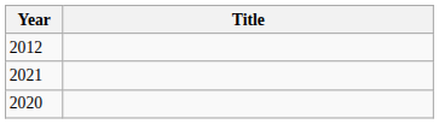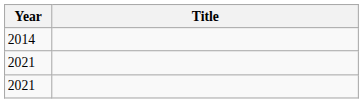 <table class="wikitable" style=font-size:small>
 <tr>
 <th style="width:3em">Year</th>
 <th style="width:22em">Title</th>
 </tr>
 <tr>
-<td>2012</td>
+<td>2014</td>
 <td><br></td>
 </tr>
 <tr>
 <td>2021</td>
 <td><br></td>
 </tr>
 <tr>
-<td>2020</td>
+<td>2021</td>
 <td><br></td>
 </tr>
 </table>
